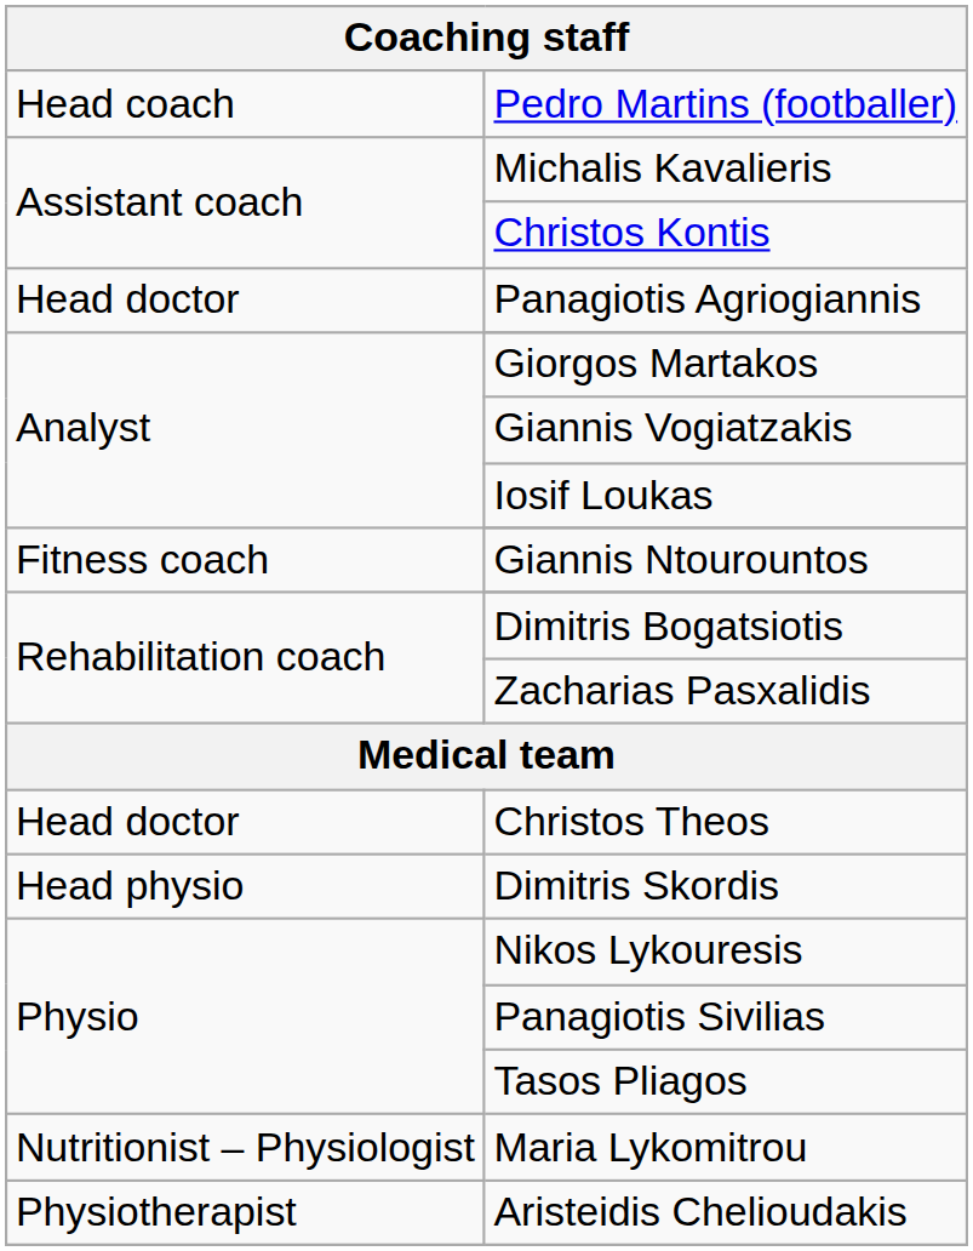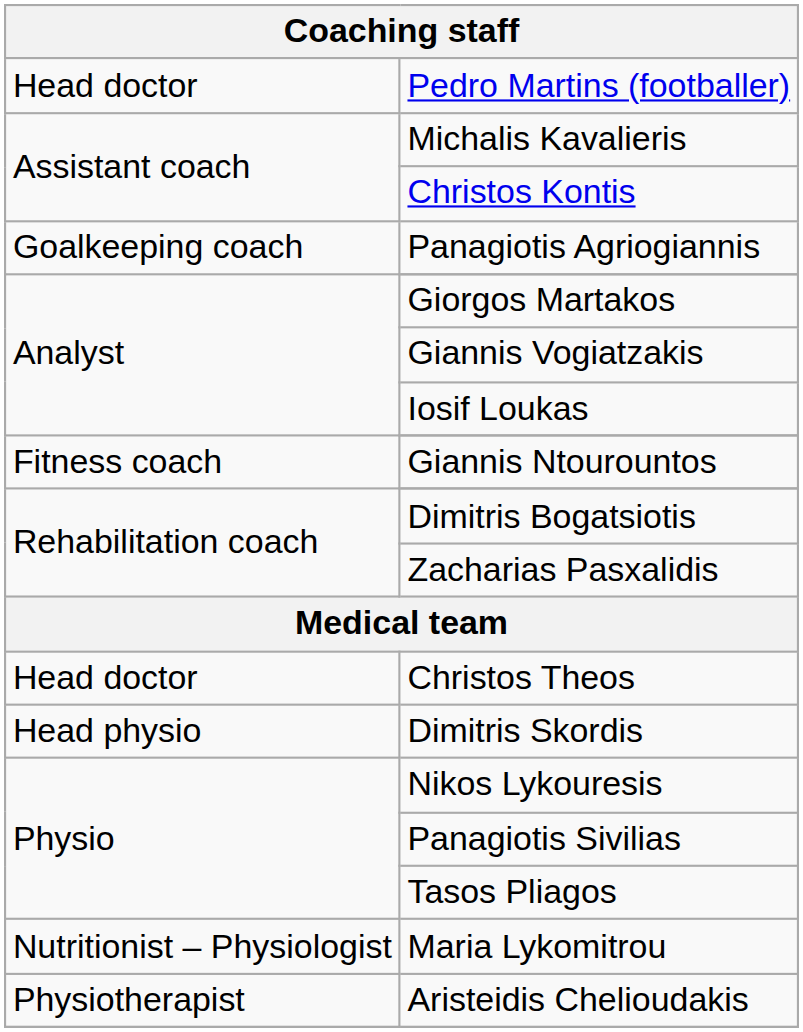 <table class="wikitable" style="text-align: center">
 <tr>
 <th colspan="2">Coaching staff </th>
 </tr>
 <tr>
-<td align=left>Head coach</td>
+<td align=left>Head doctor</td>
 <td align=left> <a href='#'>Pedro Martins (footballer)</a></td>
 </tr>
 <tr>
 <td align=left rowspan=2>Assistant coach</td>
 <td align=left> Michalis Kavalieris</td>
 </tr>
 <tr>
 <td align=left> <a href='#'>Christos Kontis</a></td>
 </tr>
 <tr>
-<td align=left>Head doctor</td>
+<td align=left>Goalkeeping coach</td>
 <td align=left> Panagiotis Agriogiannis</td>
 </tr>
 <tr>
 <td align=left rowspan=4>Analyst</td>
 </tr>
 <tr>
 <td align=left> Giorgos Martakos</td>
 </tr>
 <tr>
 <td align=left> Giannis Vogiatzakis</td>
 </tr>
 <tr>
 <td align=left> Iosif Loukas</td>
 </tr>
 <tr>
 <td align=left rowspan=2>Fitness coach</td>
 </tr>
 <tr>
 <td align=left> Giannis Ntourountos</td>
 </tr>
 <tr>
 <td align=left rowspan=3>Rehabilitation coach</td>
 </tr>
 <tr>
 <td align=left> Dimitris Bogatsiotis</td>
 </tr>
 <tr>
 <td align=left> Zacharias Pasxalidis</td>
 </tr>
 <tr>
 <th colspan="2">Medical team </th>
 </tr>
 <tr>
 <td align=left>Head doctor</td>
 <td align=left> Christos Theos</td>
 </tr>
 <tr>
 <td align=left>Head physio</td>
 <td align=left> Dimitris Skordis</td>
 </tr>
 <tr>
 <td align=left rowspan=3>Physio</td>
 <td align=left> Nikos Lykouresis</td>
 </tr>
 <tr>
 <td align=left> Panagiotis Sivilias</td>
 </tr>
 <tr>
 <td align=left> Tasos Pliagos</td>
 </tr>
 <tr>
 <td align=left>Nutritionist – Physiologist</td>
 <td align=left> Maria Lykomitrou</td>
 </tr>
 <tr>
 <td align=left>Physiotherapist</td>
 <td align=left> Aristeidis Chelioudakis</td>
 </tr>
 <tr>
 </tr>
 </table>
